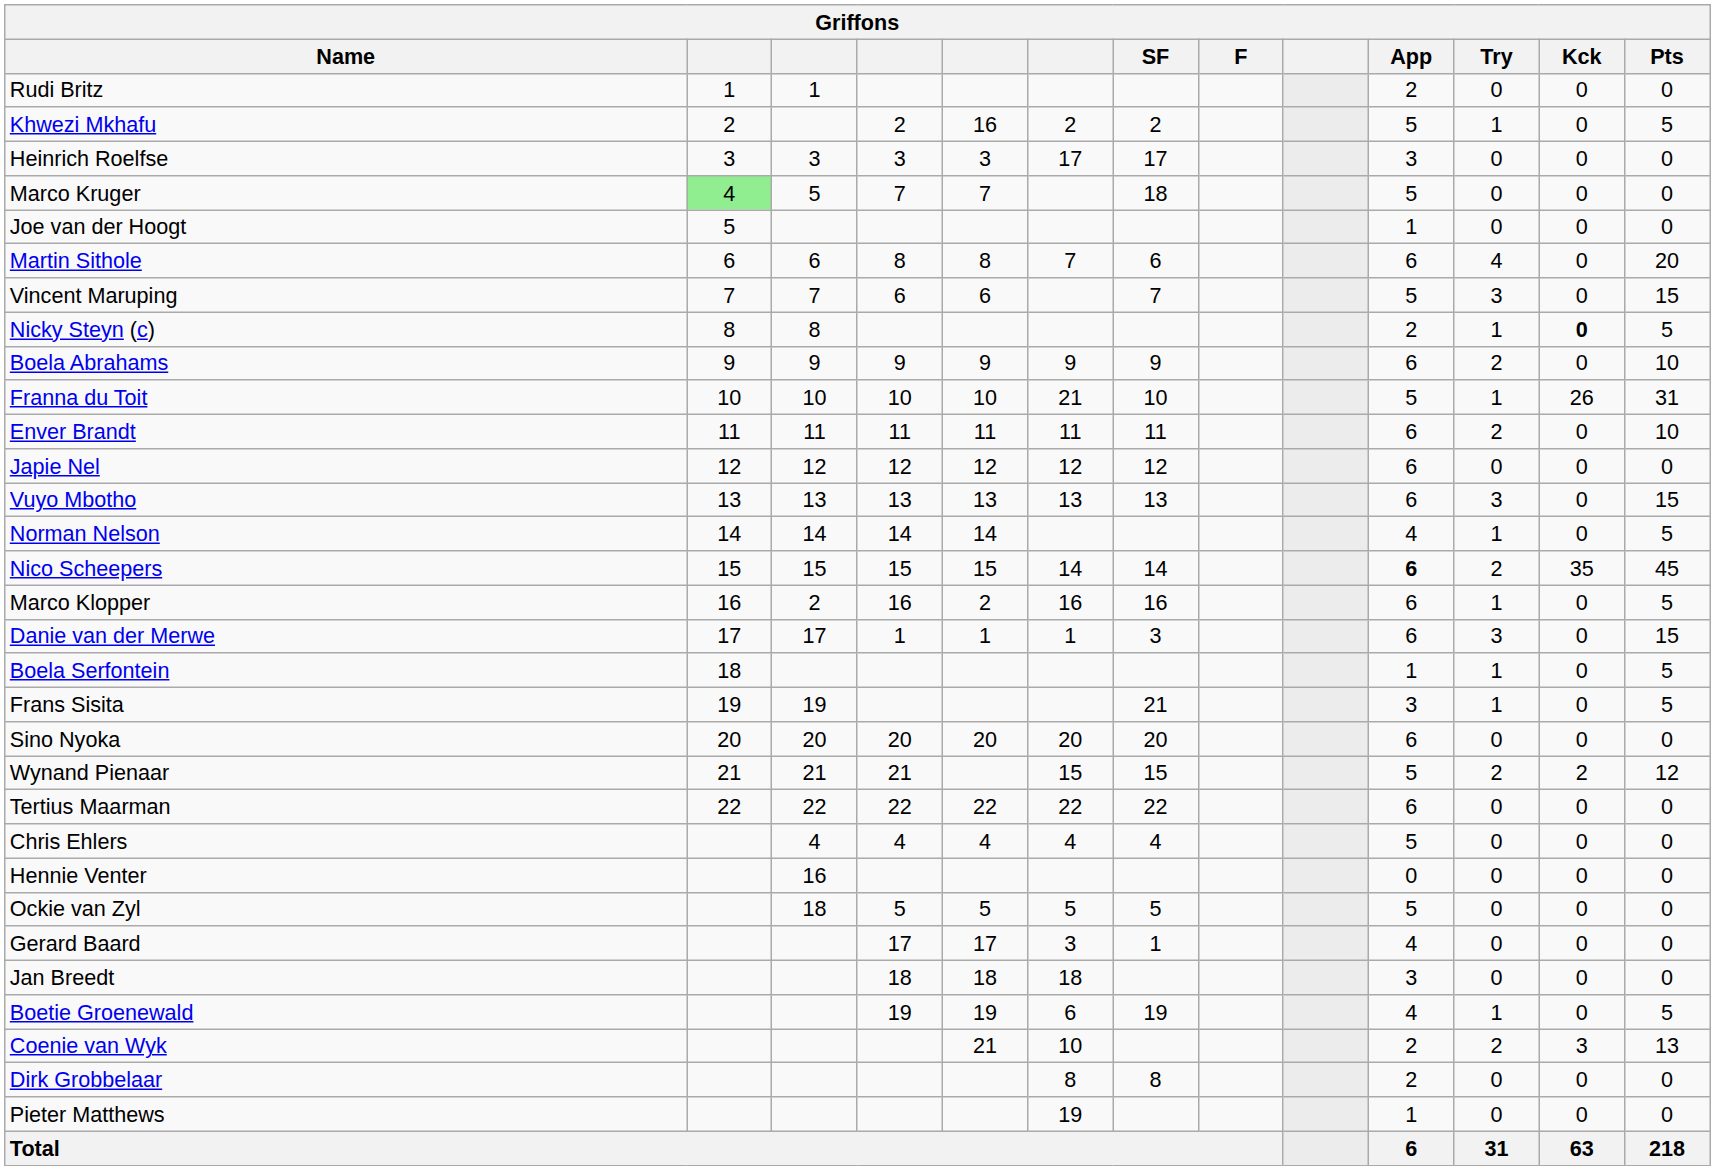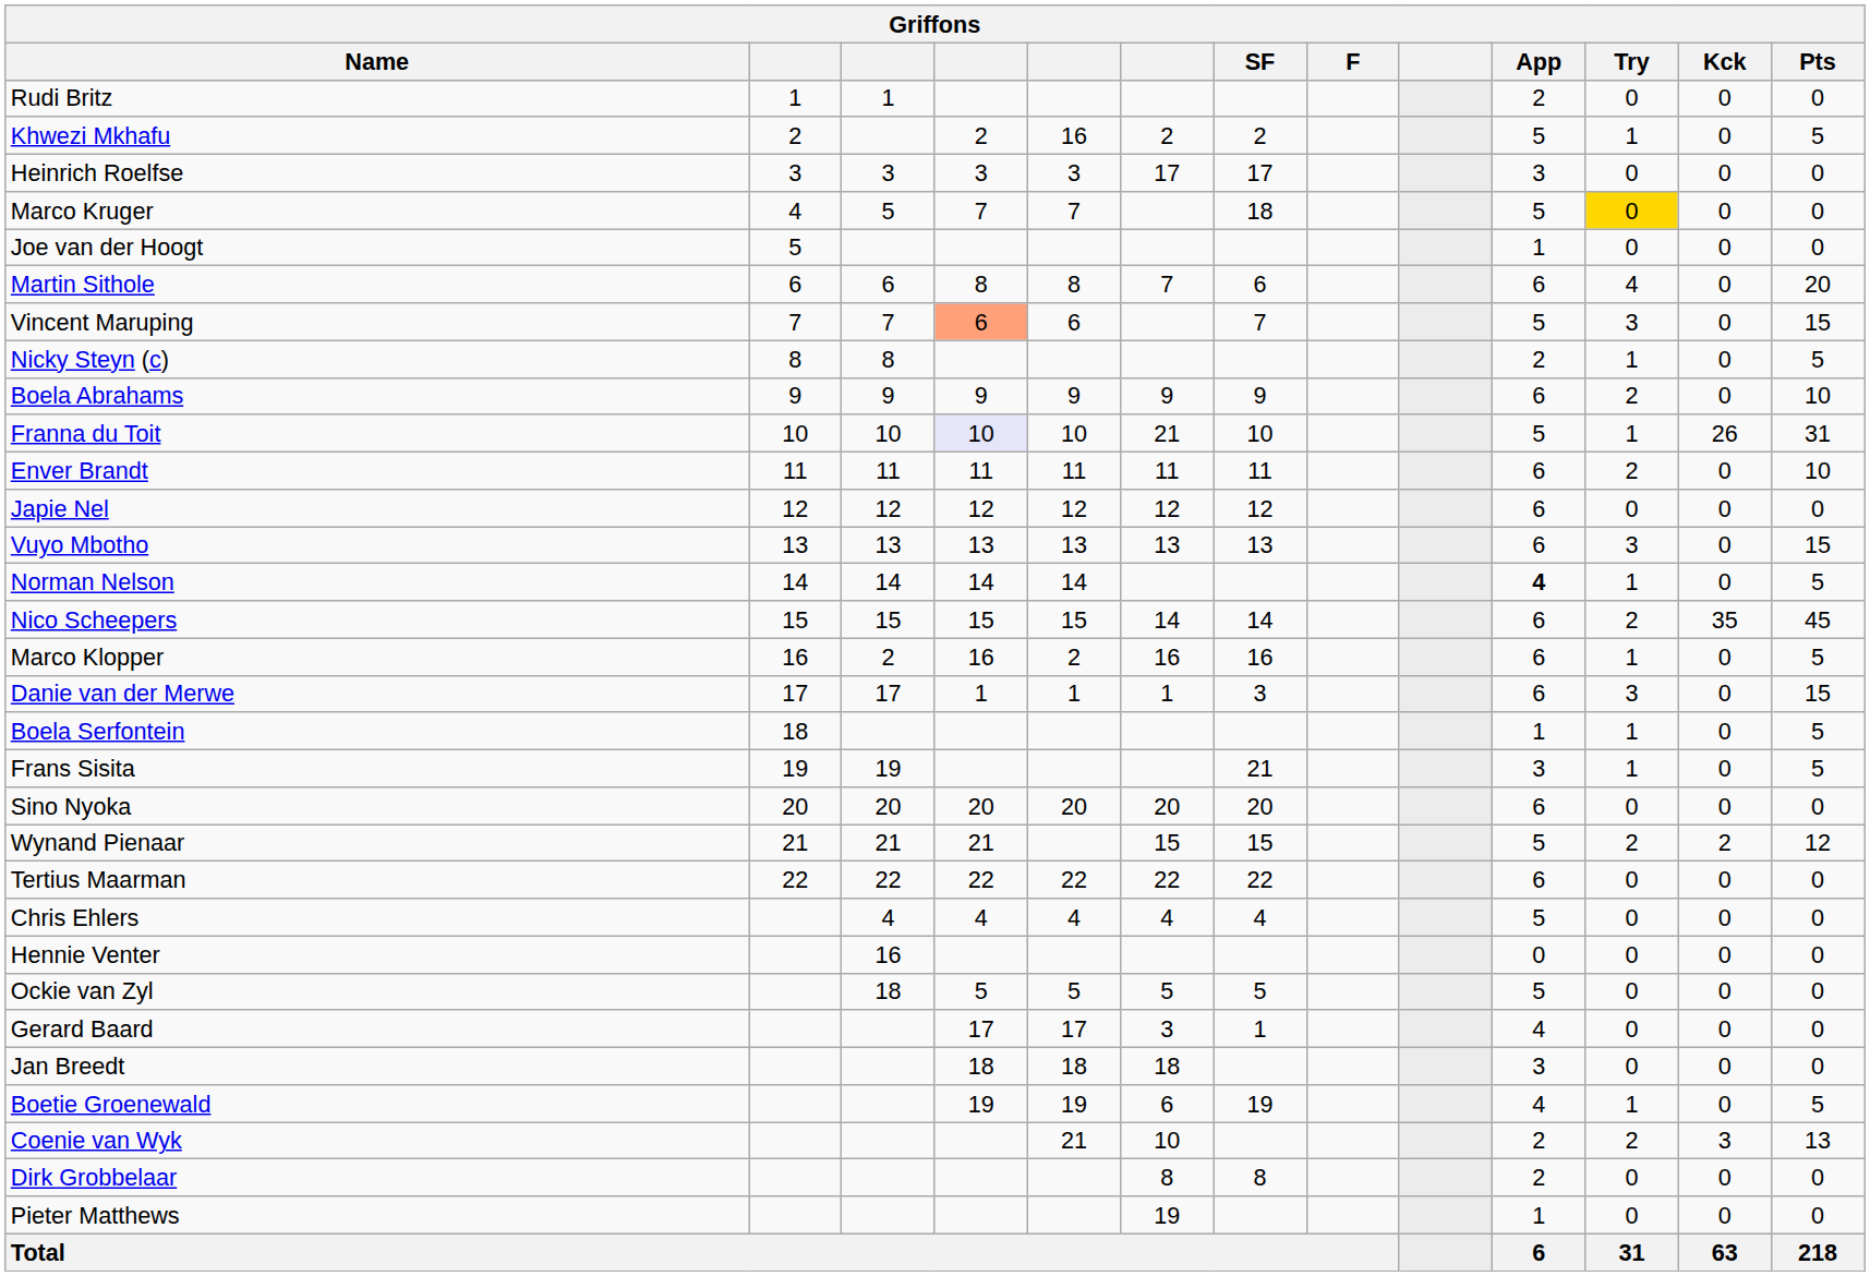 <table class="wikitable collapsible collapsed sortable" style="text-align:center; font-size:90%; width:90%">
 <tr>
 <th colspan="100%">Griffons</th>
 </tr>
 <tr>
 <th style="width:40%;">Name</th>
 <th style="width:5%;"></th>
 <th style="width:5%;"></th>
 <th style="width:5%;"></th>
 <th style="width:5%;"></th>
 <th style="width:5%;"></th>
 <th style="width:5%;">SF</th>
 <th style="width:5%;">F</th>
 <th style="width:5%;"></th>
 <th style="width:5%;">App</th>
 <th style="width:5%;">Try</th>
 <th style="width:5%;">Kck</th>
 <th style="width:5%;">Pts</th>
 </tr>
 <tr>
 <td style="text-align:left;">Rudi Britz</td>
 <td>1</td>
 <td>1</td>
 <td></td>
 <td></td>
 <td></td>
 <td></td>
 <td></td>
 <td style="background:#ECECEC;"></td>
 <td>2</td>
 <td>0</td>
 <td>0</td>
 <td>0</td>
 </tr>
 <tr>
 <td style="text-align:left;"><a href='#'>Khwezi Mkhafu</a></td>
 <td>2</td>
 <td></td>
 <td>2</td>
 <td>16 </td>
 <td>2</td>
 <td>2</td>
 <td></td>
 <td style="background:#ECECEC;"></td>
 <td>5</td>
 <td>1</td>
 <td>0</td>
 <td>5</td>
 </tr>
 <tr>
 <td style="text-align:left;">Heinrich Roelfse</td>
 <td>3</td>
 <td>3</td>
 <td>3</td>
 <td>3</td>
 <td>17 </td>
 <td>17 </td>
 <td></td>
 <td style="background:#ECECEC;"></td>
 <td>3</td>
 <td>0</td>
 <td>0</td>
 <td>0</td>
 </tr>
 <tr>
 <td style="text-align:left;">Marco Kruger</td>
-<td style="background: lightgreen;">4</td>
+<td>4</td>
 <td>5</td>
 <td>7</td>
 <td>7</td>
 <td></td>
 <td>18 </td>
 <td></td>
 <td style="background:#ECECEC;"></td>
 <td>5</td>
-<td>0</td>
+<td style="background: gold;">0</td>
 <td>0</td>
 <td>0</td>
 </tr>
 <tr>
 <td style="text-align:left;">Joe van der Hoogt</td>
 <td>5</td>
 <td></td>
 <td></td>
 <td></td>
 <td></td>
 <td></td>
 <td></td>
 <td style="background:#ECECEC;"></td>
 <td>1</td>
 <td>0</td>
 <td>0</td>
 <td>0</td>
 </tr>
 <tr>
 <td style="text-align:left;"><a href='#'>Martin Sithole</a></td>
 <td>6</td>
 <td>6</td>
 <td>8</td>
 <td>8</td>
 <td>7</td>
 <td>6</td>
 <td></td>
 <td style="background:#ECECEC;"></td>
 <td>6</td>
 <td>4</td>
 <td>0</td>
 <td>20</td>
 </tr>
 <tr>
 <td style="text-align:left;">Vincent Maruping</td>
 <td>7</td>
 <td>7</td>
-<td>6</td>
+<td style="background: lightsalmon;">6</td>
 <td>6</td>
 <td></td>
 <td>7</td>
 <td></td>
 <td style="background:#ECECEC;"></td>
 <td>5</td>
 <td>3</td>
 <td>0</td>
 <td>15</td>
 </tr>
 <tr>
 <td style="text-align:left;"><a href='#'>Nicky Steyn</a> (<a href='#'>c</a>)</td>
 <td>8</td>
 <td>8</td>
 <td></td>
 <td></td>
 <td></td>
 <td></td>
 <td></td>
 <td style="background:#ECECEC;"></td>
 <td>2</td>
 <td>1</td>
-<td><strong>0</strong></td>
+<td>0</td>
 <td>5</td>
 </tr>
 <tr>
 <td style="text-align:left;"><a href='#'>Boela Abrahams</a></td>
 <td>9</td>
 <td>9</td>
 <td>9</td>
 <td>9</td>
 <td>9</td>
 <td>9</td>
 <td></td>
 <td style="background:#ECECEC;"></td>
 <td>6</td>
 <td>2</td>
 <td>0</td>
 <td>10</td>
 </tr>
 <tr>
 <td style="text-align:left;"><a href='#'>Franna du Toit</a></td>
 <td>10</td>
 <td>10</td>
-<td>10</td>
+<td style="background: lavender;">10</td>
 <td>10</td>
 <td>21</td>
 <td>10</td>
 <td></td>
 <td style="background:#ECECEC;"></td>
 <td>5</td>
 <td>1</td>
 <td>26</td>
 <td>31</td>
 </tr>
 <tr>
 <td style="text-align:left;"><a href='#'>Enver Brandt</a></td>
 <td>11</td>
 <td>11</td>
 <td>11</td>
 <td>11</td>
 <td>11</td>
 <td>11</td>
 <td></td>
 <td style="background:#ECECEC;"></td>
 <td>6</td>
 <td>2</td>
 <td>0</td>
 <td>10</td>
 </tr>
 <tr>
 <td style="text-align:left;"><a href='#'>Japie Nel</a></td>
 <td>12</td>
 <td>12</td>
 <td>12</td>
 <td>12</td>
 <td>12</td>
 <td>12</td>
 <td></td>
 <td style="background:#ECECEC;"></td>
 <td>6</td>
 <td>0</td>
 <td>0</td>
 <td>0</td>
 </tr>
 <tr>
 <td style="text-align:left;"><a href='#'>Vuyo Mbotho</a></td>
 <td>13</td>
 <td>13</td>
 <td>13</td>
 <td>13</td>
 <td>13</td>
 <td>13</td>
 <td></td>
 <td style="background:#ECECEC;"></td>
 <td>6</td>
 <td>3</td>
 <td>0</td>
 <td>15</td>
 </tr>
 <tr>
 <td style="text-align:left;"><a href='#'>Norman Nelson</a></td>
 <td>14</td>
 <td>14</td>
 <td>14</td>
 <td>14</td>
 <td></td>
 <td></td>
 <td></td>
 <td style="background:#ECECEC;"></td>
-<td>4</td>
+<td><strong>4</strong></td>
 <td>1</td>
 <td>0</td>
 <td>5</td>
 </tr>
 <tr>
 <td style="text-align:left;"><a href='#'>Nico Scheepers</a></td>
 <td>15</td>
 <td>15</td>
 <td>15</td>
 <td>15</td>
 <td>14</td>
 <td>14</td>
 <td></td>
 <td style="background:#ECECEC;"></td>
-<td><strong>6</strong></td>
+<td>6</td>
 <td>2</td>
 <td>35</td>
 <td>45</td>
 </tr>
 <tr>
 <td style="text-align:left;">Marco Klopper</td>
 <td>16 </td>
 <td>2</td>
 <td>16 </td>
 <td>2</td>
 <td>16 </td>
 <td>16 </td>
 <td></td>
 <td style="background:#ECECEC;"></td>
 <td>6</td>
 <td>1</td>
 <td>0</td>
 <td>5</td>
 </tr>
 <tr>
 <td style="text-align:left;"><a href='#'>Danie van der Merwe</a></td>
 <td>17 </td>
 <td>17 </td>
 <td>1</td>
 <td>1</td>
 <td>1</td>
 <td>3</td>
 <td></td>
 <td style="background:#ECECEC;"></td>
 <td>6</td>
 <td>3</td>
 <td>0</td>
 <td>15</td>
 </tr>
 <tr>
 <td style="text-align:left;"><a href='#'>Boela Serfontein</a></td>
 <td>18 </td>
 <td></td>
 <td></td>
 <td></td>
 <td></td>
 <td></td>
 <td></td>
 <td style="background:#ECECEC;"></td>
 <td>1</td>
 <td>1</td>
 <td>0</td>
 <td>5</td>
 </tr>
 <tr>
 <td style="text-align:left;">Frans Sisita</td>
 <td>19 </td>
 <td>19 </td>
 <td></td>
 <td></td>
 <td></td>
 <td>21 </td>
 <td></td>
 <td style="background:#ECECEC;"></td>
 <td>3</td>
 <td>1</td>
 <td>0</td>
 <td>5</td>
 </tr>
 <tr>
 <td style="text-align:left;">Sino Nyoka</td>
 <td>20 </td>
 <td>20 </td>
 <td>20 </td>
 <td>20 </td>
 <td>20 </td>
 <td>20 </td>
 <td></td>
 <td style="background:#ECECEC;"></td>
 <td>6</td>
 <td>0</td>
 <td>0</td>
 <td>0</td>
 </tr>
 <tr>
 <td style="text-align:left;">Wynand Pienaar</td>
 <td>21 </td>
 <td>21 </td>
 <td>21 </td>
 <td></td>
 <td>15</td>
 <td>15</td>
 <td></td>
 <td style="background:#ECECEC;"></td>
 <td>5</td>
 <td>2</td>
 <td>2</td>
 <td>12</td>
 </tr>
 <tr>
 <td style="text-align:left;">Tertius Maarman</td>
 <td>22 </td>
 <td>22 </td>
 <td>22 </td>
 <td>22 </td>
 <td>22 </td>
 <td>22 </td>
 <td></td>
 <td style="background:#ECECEC;"></td>
 <td>6</td>
 <td>0</td>
 <td>0</td>
 <td>0</td>
 </tr>
 <tr>
 <td style="text-align:left;">Chris Ehlers</td>
 <td></td>
 <td>4</td>
 <td>4</td>
 <td>4</td>
 <td>4</td>
 <td>4</td>
 <td></td>
 <td style="background:#ECECEC;"></td>
 <td>5</td>
 <td>0</td>
 <td>0</td>
 <td>0</td>
 </tr>
 <tr>
 <td style="text-align:left;">Hennie Venter</td>
 <td></td>
 <td>16</td>
 <td></td>
 <td></td>
 <td></td>
 <td></td>
 <td></td>
 <td style="background:#ECECEC;"></td>
 <td>0</td>
 <td>0</td>
 <td>0</td>
 <td>0</td>
 </tr>
 <tr>
 <td style="text-align:left;">Ockie van Zyl</td>
 <td></td>
 <td>18 </td>
 <td>5</td>
 <td>5</td>
 <td>5</td>
 <td>5</td>
 <td></td>
 <td style="background:#ECECEC;"></td>
 <td>5</td>
 <td>0</td>
 <td>0</td>
 <td>0</td>
 </tr>
 <tr>
 <td style="text-align:left;">Gerard Baard</td>
 <td></td>
 <td></td>
 <td>17 </td>
 <td>17 </td>
 <td>3</td>
 <td>1</td>
 <td></td>
 <td style="background:#ECECEC;"></td>
 <td>4</td>
 <td>0</td>
 <td>0</td>
 <td>0</td>
 </tr>
 <tr>
 <td style="text-align:left;">Jan Breedt</td>
 <td></td>
 <td></td>
 <td>18 </td>
 <td>18 </td>
 <td>18 </td>
 <td></td>
 <td></td>
 <td style="background:#ECECEC;"></td>
 <td>3</td>
 <td>0</td>
 <td>0</td>
 <td>0</td>
 </tr>
 <tr>
 <td style="text-align:left;"><a href='#'>Boetie Groenewald</a></td>
 <td></td>
 <td></td>
 <td>19 </td>
 <td>19 </td>
 <td>6</td>
 <td>19 </td>
 <td></td>
 <td style="background:#ECECEC;"></td>
 <td>4</td>
 <td>1</td>
 <td>0</td>
 <td>5</td>
 </tr>
 <tr>
 <td style="text-align:left;"><a href='#'>Coenie van Wyk</a></td>
 <td></td>
 <td></td>
 <td></td>
 <td>21 </td>
 <td>10</td>
 <td></td>
 <td></td>
 <td style="background:#ECECEC;"></td>
 <td>2</td>
 <td>2</td>
 <td>3</td>
 <td>13</td>
 </tr>
 <tr>
 <td style="text-align:left;"><a href='#'>Dirk Grobbelaar</a></td>
 <td></td>
 <td></td>
 <td></td>
 <td></td>
 <td>8</td>
 <td>8</td>
 <td></td>
 <td style="background:#ECECEC;"></td>
 <td>2</td>
 <td>0</td>
 <td>0</td>
 <td>0</td>
 </tr>
 <tr>
 <td style="text-align:left;">Pieter Matthews</td>
 <td></td>
 <td></td>
 <td></td>
 <td></td>
 <td>19 </td>
 <td></td>
 <td></td>
 <td style="background:#ECECEC;"></td>
 <td>1</td>
 <td>0</td>
 <td>0</td>
 <td>0</td>
 </tr>
 <tr>
 <th colspan="8" style="text-align:left;">Total</th>
 <th style="background:#ECECEC;"></th>
 <th>6</th>
 <th>31</th>
 <th>63</th>
 <th>218</th>
 </tr>
 </table>
